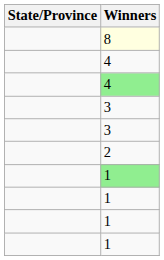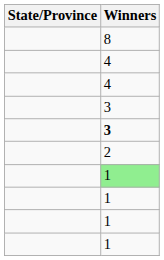 <table class="wikitable sortable">
 <tr>
 <th>State/Province</th>
 <th>Winners</th>
 </tr>
 <tr>
 <td></td>
-<td style="background: lightyellow;">8</td>
+<td>8</td>
 </tr>
 <tr>
 <td></td>
 <td>4</td>
 </tr>
 <tr>
 <td></td>
-<td style="background: lightgreen;">4</td>
+<td>4</td>
 </tr>
 <tr>
 <td></td>
 <td>3</td>
 </tr>
 <tr>
 <td></td>
-<td>3</td>
+<td><strong>3</strong></td>
 </tr>
 <tr>
 <td></td>
 <td>2</td>
 </tr>
 <tr>
 <td></td>
 <td style="background: lightgreen;">1</td>
 </tr>
 <tr>
 <td></td>
 <td>1</td>
 </tr>
 <tr>
 <td></td>
 <td>1</td>
 </tr>
 <tr>
 <td></td>
 <td>1</td>
 </tr>
 </table>
